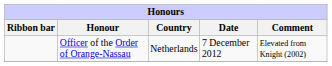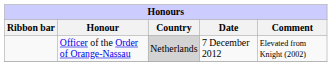 <table class="wikitable" style="width:60%;">
 <tr style="background:#ccf; text-align:center;">
 <td colspan=5><strong>Honours</strong></td>
 </tr>
 <tr>
 <th style="width:80px;">Ribbon bar</th>
 <th>Honour</th>
 <th>Country</th>
 <th>Date</th>
 <th>Comment</th>
 </tr>
 <tr>
 <td></td>
 <td><a href='#'>Officer</a> of the <a href='#'>Order of Orange-Nassau</a></td>
-<td>Netherlands</td>
+<td style="background: lightgrey;">Netherlands</td>
 <td>7 December 2012</td>
 <td><small>Elevated from Knight (2002)</small></td>
 </tr>
 <tr>
 </tr>
 </table>
